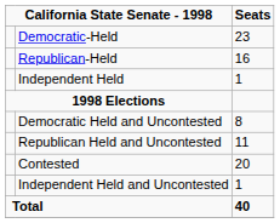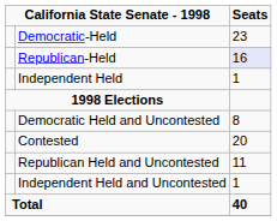 <table class="wikitable">
 <tr>
 <td colspan="2" rowspan="1" align="center" valign="top"><strong>California State Senate - 1998</strong></td>
 <td valign="top"><strong>Seats</strong><br></td>
 </tr>
 <tr>
 <td style="background-color:"> </td>
 <td><a href='#'>Democratic</a>-Held</td>
 <td>23</td>
 </tr>
 <tr>
 <td style="background-color:"> </td>
 <td><a href='#'>Republican</a>-Held</td>
-<td>16</td>
+<td style="background: lavender;">16</td>
 </tr>
 <tr>
 <td style="background-color:"> </td>
 <td>Independent Held</td>
 <td>1</td>
 </tr>
 <tr>
 <td colspan="2" rowspan="1" align="center"><strong>1998 Elections</strong></td>
 </tr>
 <tr>
 <td style="background-color:"> </td>
 <td>Democratic Held and Uncontested</td>
 <td>8</td>
 </tr>
 <tr>
 <td style="background-color:"> </td>
-<td>Republican Held and Uncontested</td>
-<td>11</td>
+<td>Contested</td>
+<td>20</td>
 </tr>
 <tr>
 <td style="background-color:"> </td>
-<td>Contested</td>
-<td>20</td>
+<td>Republican Held and Uncontested</td>
+<td>11</td>
 </tr>
 <tr>
 <td style="background-color:"> </td>
 <td>Independent Held and Uncontested</td>
 <td>1</td>
 </tr>
 <tr>
 <td colspan="2" rowspan="1"> <strong>Total</strong><br></td>
 <td><strong>40</strong></td>
 </tr>
 <tr>
 </tr>
 </table>
